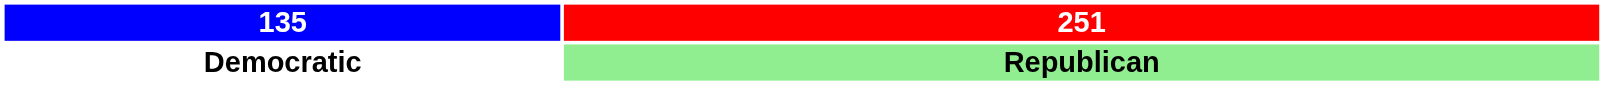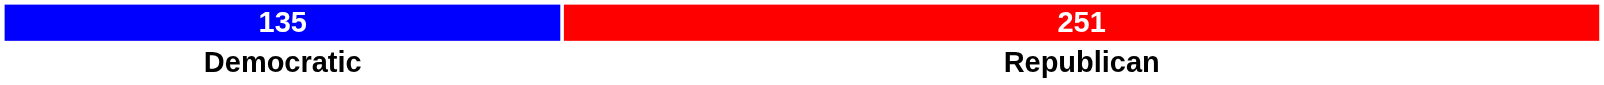 <table style="width:70%; text-align:center;">
 <tr style="color:white;">
 <td style="background:blue; width:34.97%"><strong>135</strong></td>
 <td style="background:red; width:65.03%"><strong>251</strong></td>
 </tr>
 <tr>
 <td><span><strong>Democratic</strong></span></td>
-<td style="background: lightgreen;"><span><strong>Republican</strong></span></td>
+<td><span><strong>Republican</strong></span></td>
 </tr>
 </table>
